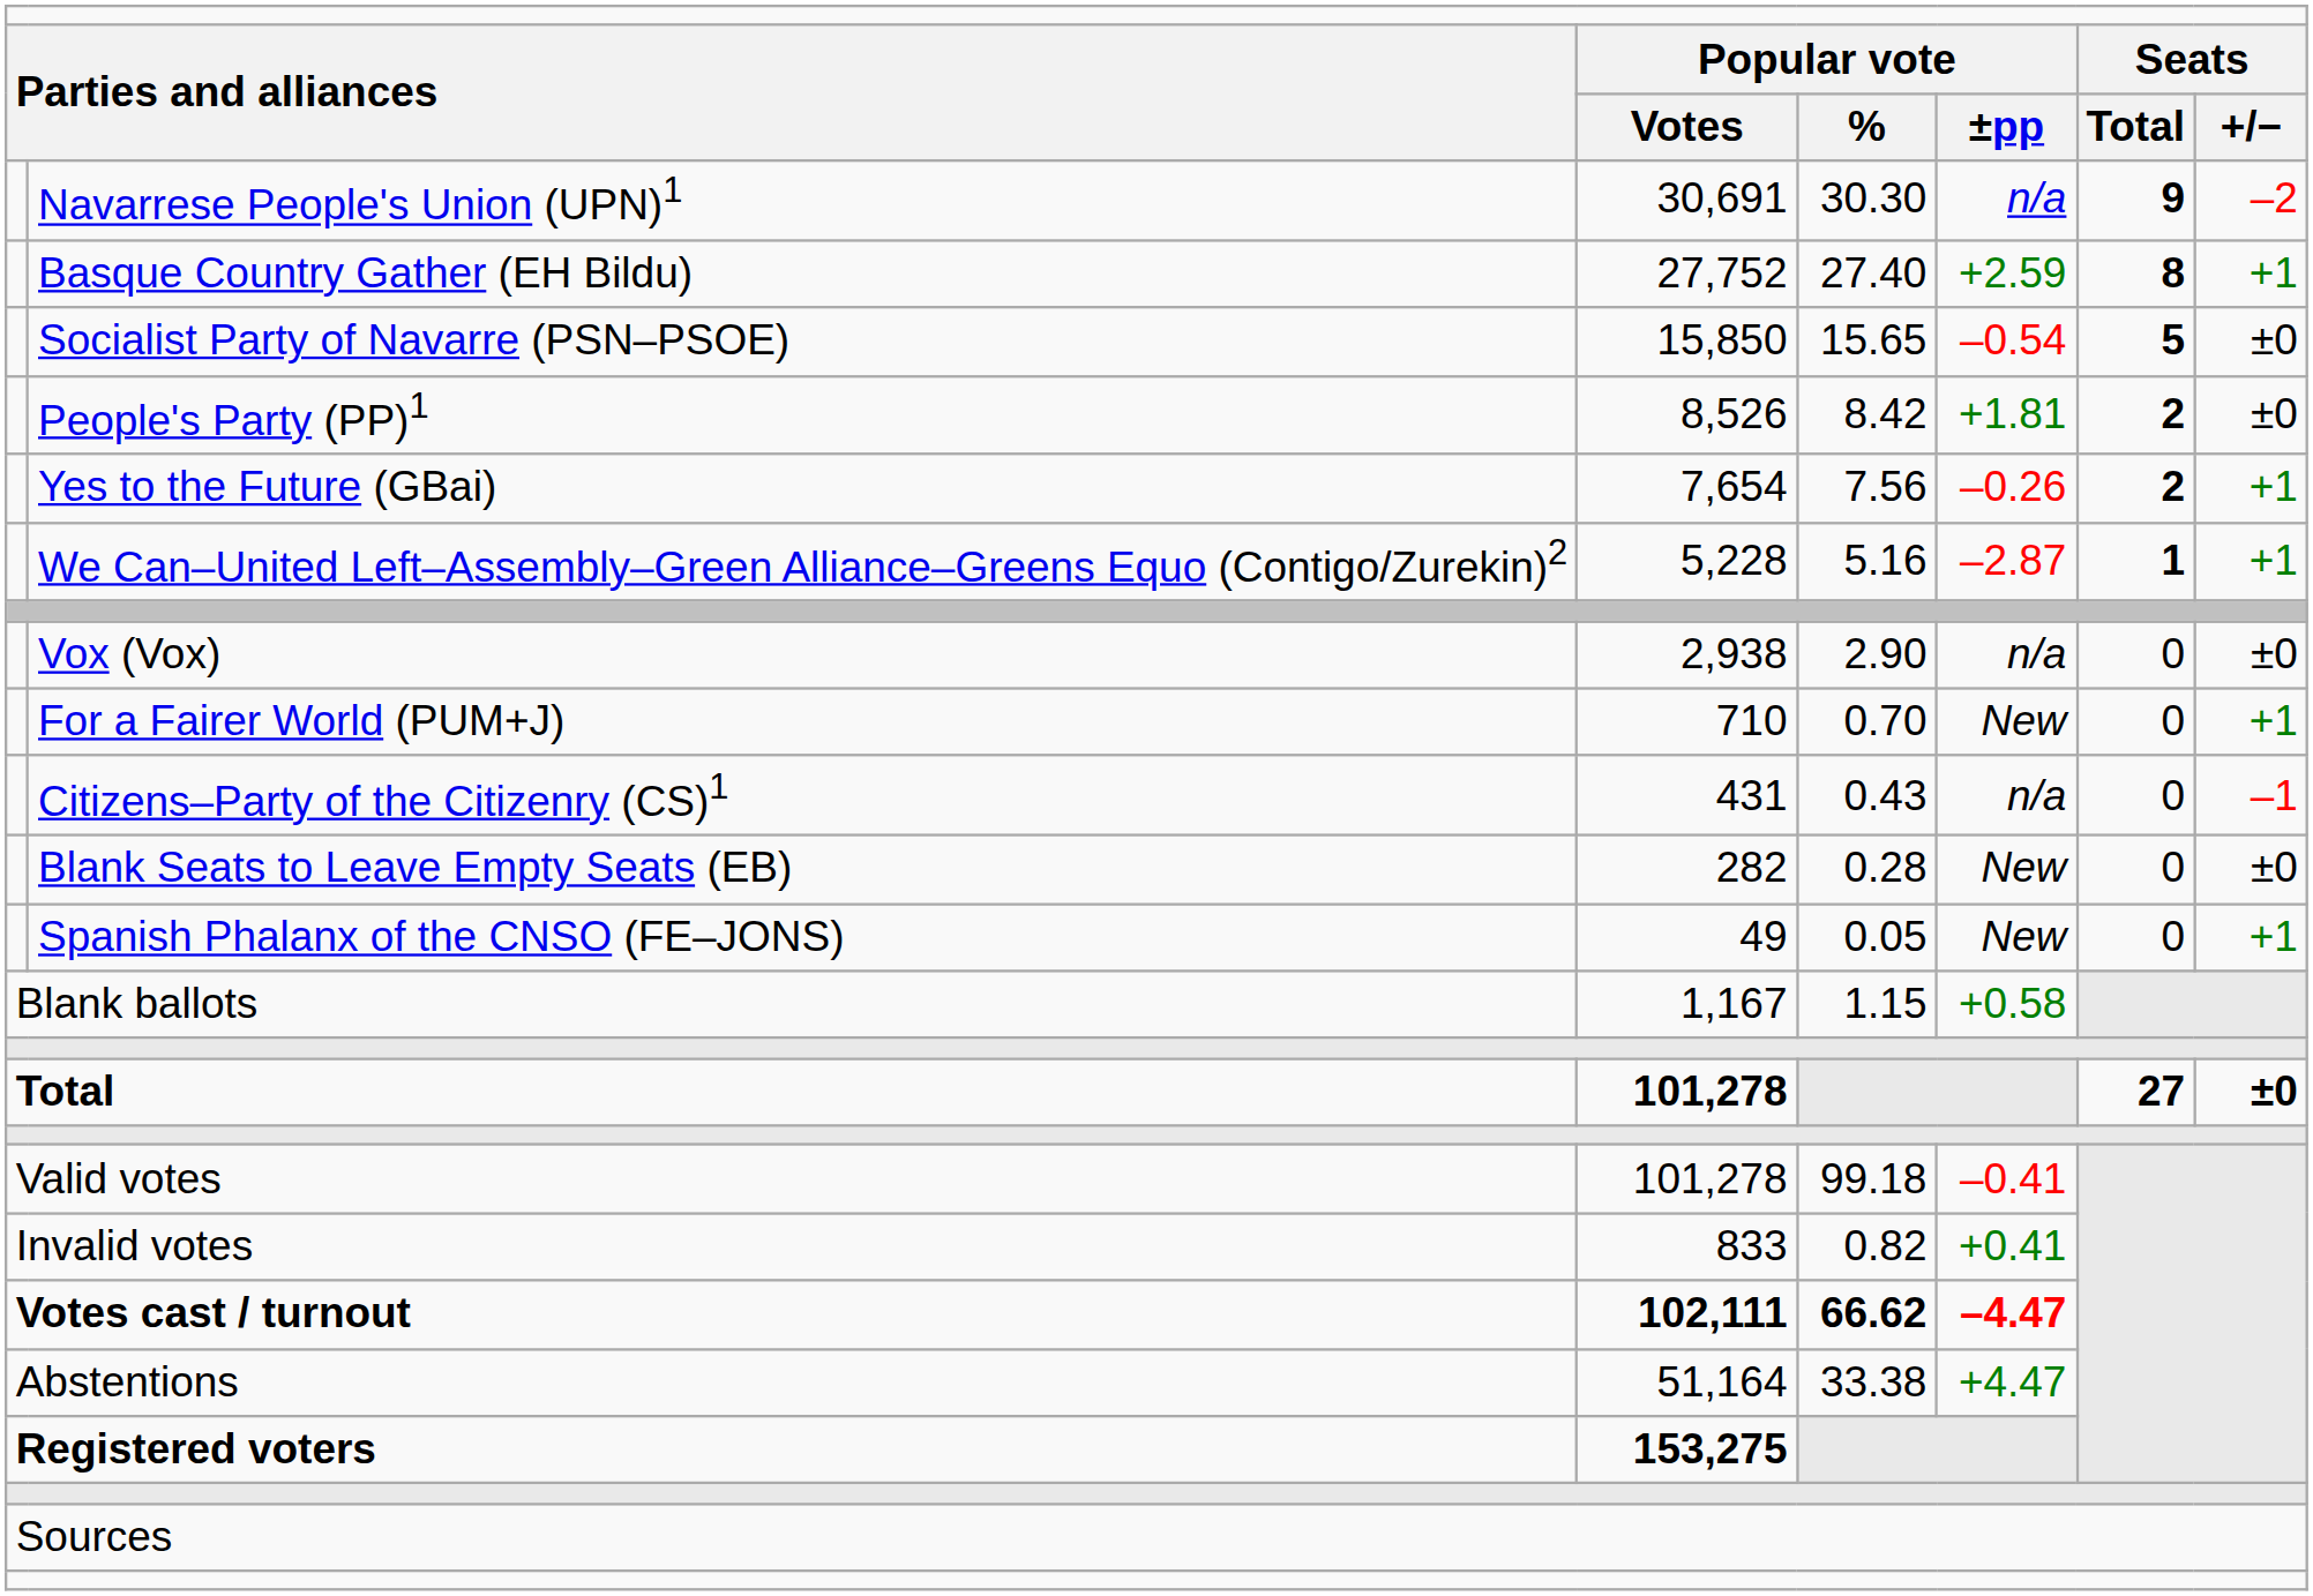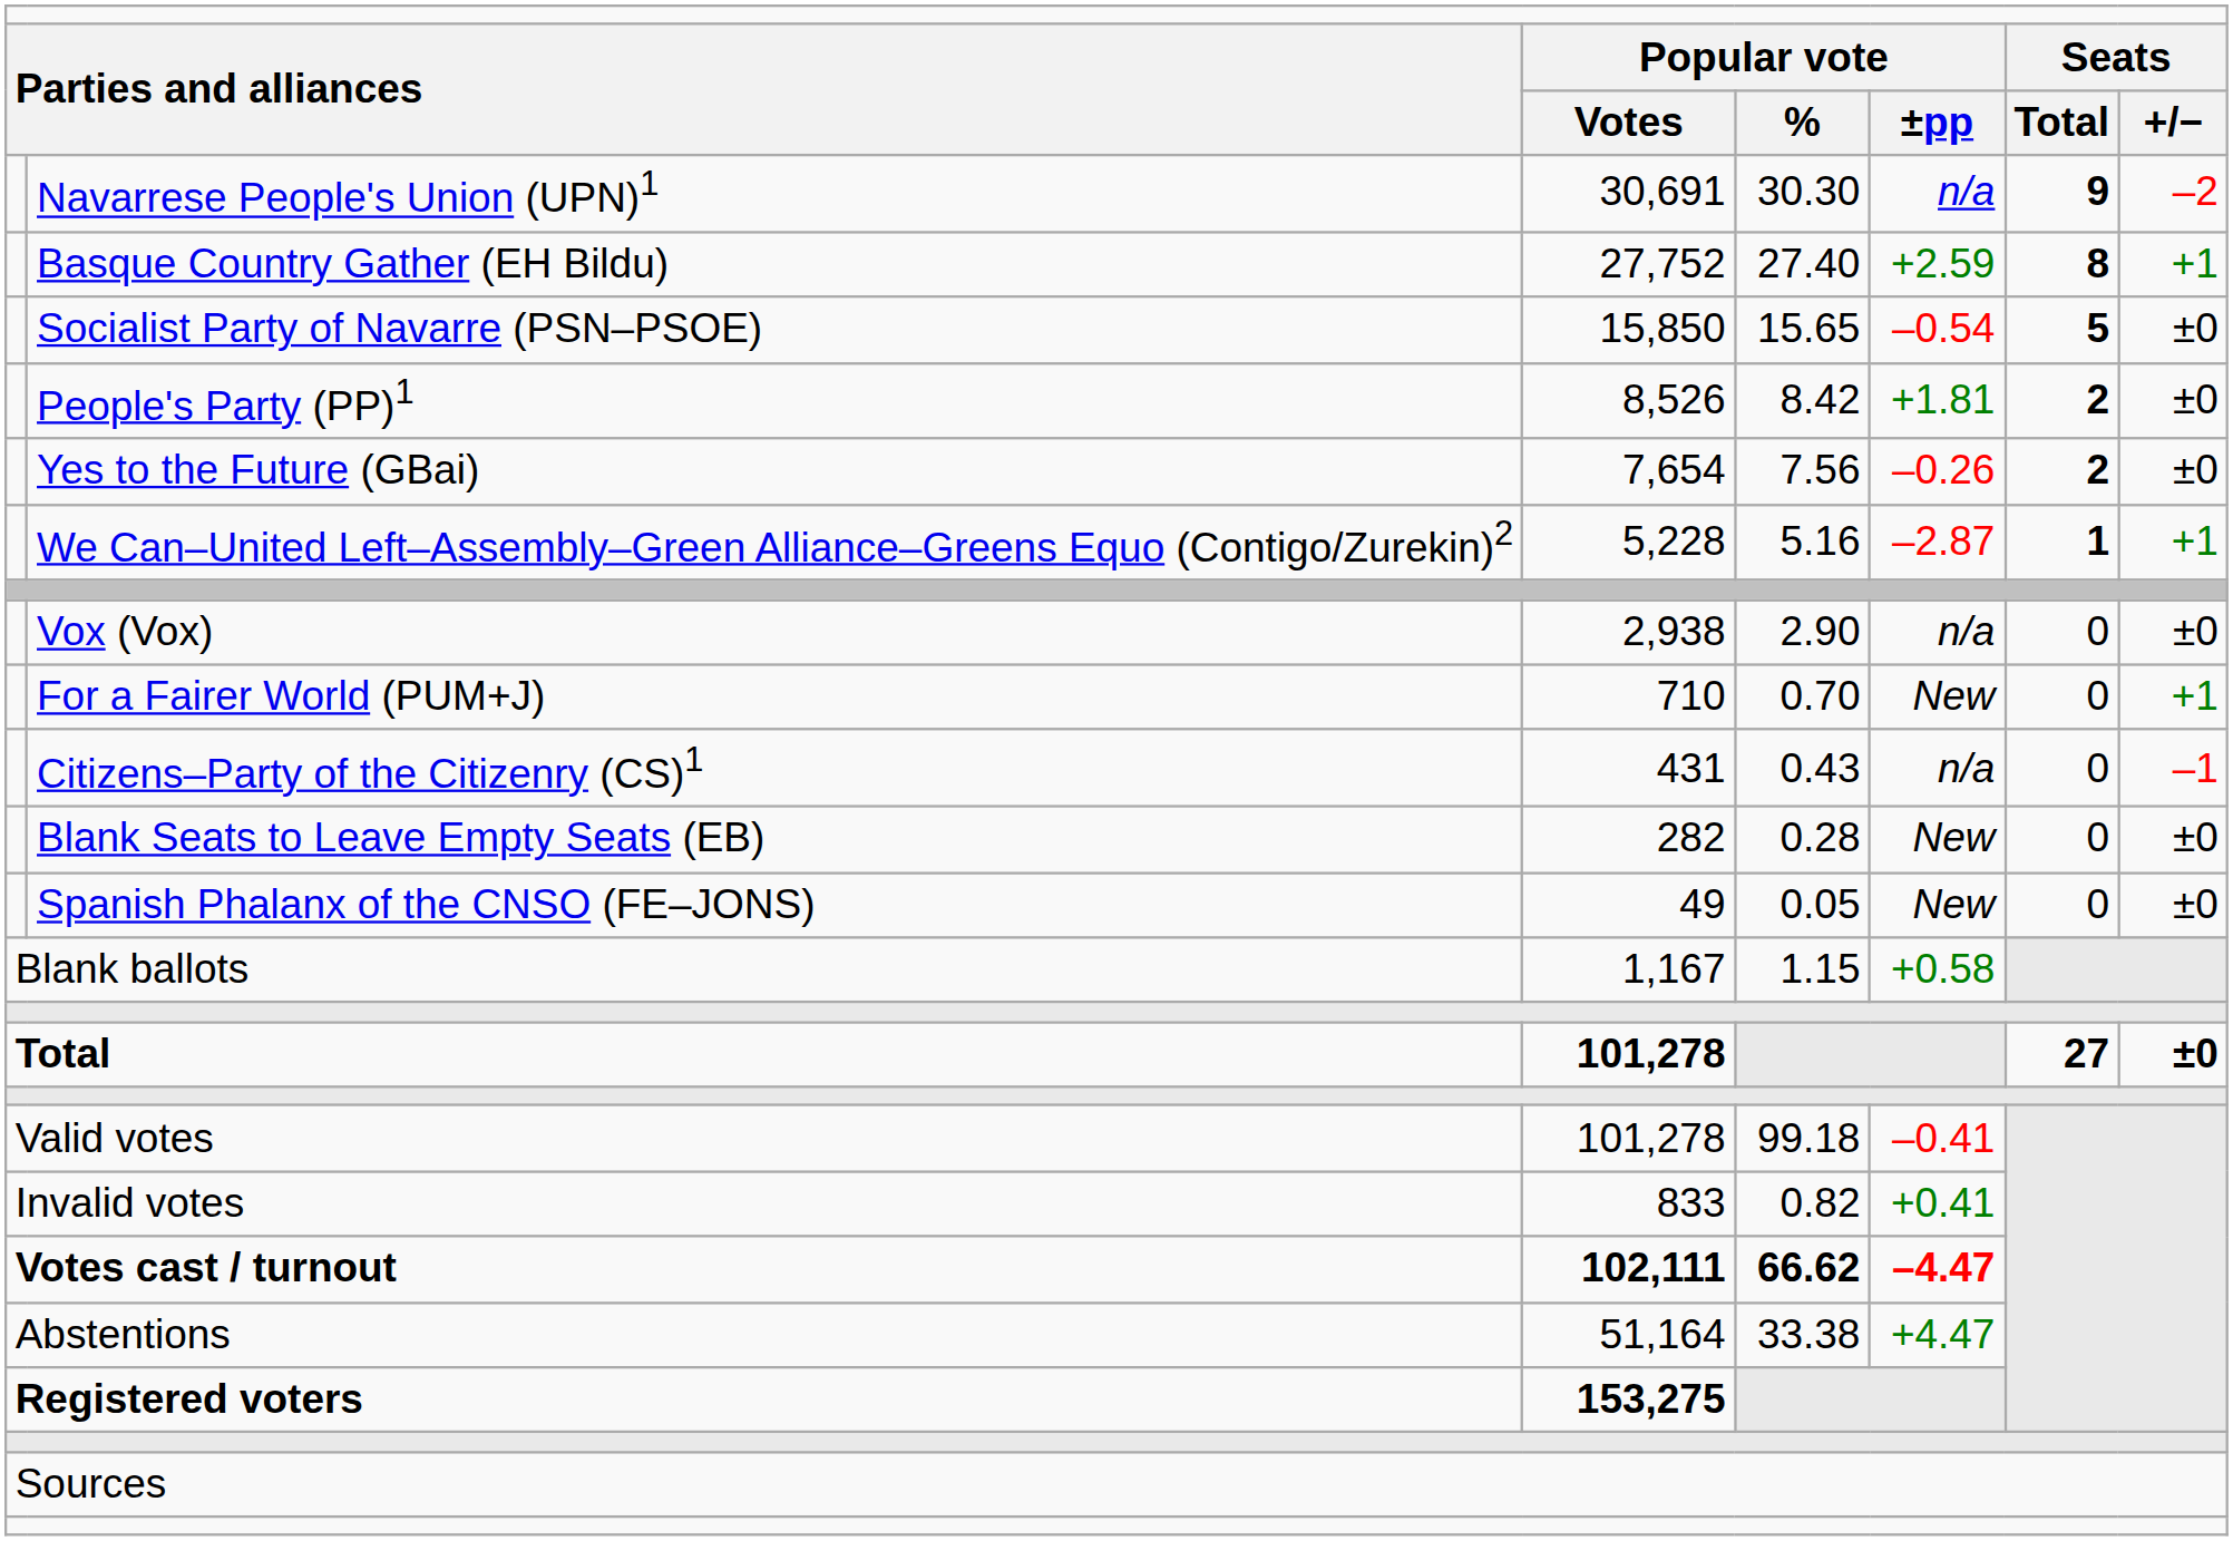 <table class="wikitable" style="text-align:right;">
 <tr>
 <td colspan="7"></td>
 </tr>
 <tr>
 <th style="text-align:left;" rowspan="2" colspan="2" width="525">Parties and alliances</th>
 <th colspan="3">Popular vote</th>
 <th colspan="2">Seats</th>
 </tr>
 <tr>
 <th width="75">Votes</th>
 <th width="45">%</th>
 <th width="45">±<a href='#'>pp</a></th>
 <th width="35">Total</th>
 <th width="35">+/−</th>
 </tr>
 <tr>
 <td width="1" style="color:inherit;background:"></td>
 <td align="left"><a href='#'>Navarrese People's Union</a> (UPN)<sup>1</sup></td>
 <td>30,691</td>
 <td>30.30</td>
 <td><em><a href='#'>n/a</a></em></td>
 <td><strong>9</strong></td>
 <td style="color:red;">–2</td>
 </tr>
 <tr>
 <td style="color:inherit;background:"></td>
 <td align="left"><a href='#'>Basque Country Gather</a> (EH Bildu)</td>
 <td>27,752</td>
 <td>27.40</td>
 <td style="color:green;">+2.59</td>
 <td><strong>8</strong></td>
 <td style="color:green;">+1</td>
 </tr>
 <tr>
 <td style="color:inherit;background:"></td>
 <td align="left"><a href='#'>Socialist Party of Navarre</a> (PSN–PSOE)</td>
 <td>15,850</td>
 <td>15.65</td>
 <td style="color:red;">–0.54</td>
 <td><strong>5</strong></td>
 <td>±0</td>
 </tr>
 <tr>
 <td style="color:inherit;background:"></td>
 <td align="left"><a href='#'>People's Party</a> (PP)<sup>1</sup></td>
 <td>8,526</td>
 <td>8.42</td>
 <td style="color:green;">+1.81</td>
 <td><strong>2</strong></td>
 <td>±0</td>
 </tr>
 <tr>
 <td style="color:inherit;background:"></td>
 <td align="left"><a href='#'>Yes to the Future</a> (GBai)</td>
 <td>7,654</td>
 <td>7.56</td>
 <td style="color:red;">–0.26</td>
 <td><strong>2</strong></td>
-<td style="color:green;">+1</td>
+<td>±0</td>
 </tr>
 <tr>
 <td style="color:inherit;background:"></td>
 <td align="left"><a href='#'>We Can–United Left–Assembly–Green Alliance–Greens Equo</a> (Contigo/Zurekin)<sup>2</sup></td>
 <td>5,228</td>
 <td>5.16</td>
 <td style="color:red;">–2.87</td>
 <td><strong>1</strong></td>
 <td style="color:green;">+1</td>
 </tr>
 <tr>
 <td colspan="7" bgcolor="#C0C0C0"></td>
 </tr>
 <tr>
 <td style="color:inherit;background:"></td>
 <td align="left"><a href='#'>Vox</a> (Vox)</td>
 <td>2,938</td>
 <td>2.90</td>
 <td><em>n/a</em></td>
 <td>0</td>
 <td>±0</td>
 </tr>
 <tr>
 <td style="color:inherit;background:"></td>
 <td align="left"><a href='#'>For a Fairer World</a> (PUM+J)</td>
 <td>710</td>
 <td>0.70</td>
 <td><em>New</em></td>
 <td>0</td>
 <td style="color:green;">+1</td>
 </tr>
 <tr>
 <td style="color:inherit;background:"></td>
 <td align="left"><a href='#'>Citizens–Party of the Citizenry</a> (CS)<sup>1</sup></td>
 <td>431</td>
 <td>0.43</td>
 <td><em>n/a</em></td>
 <td>0</td>
 <td style="color:red;">–1</td>
 </tr>
 <tr>
 <td style="color:inherit;background:"></td>
 <td align="left"><a href='#'>Blank Seats to Leave Empty Seats</a> (EB)</td>
 <td>282</td>
 <td>0.28</td>
 <td><em>New</em></td>
 <td>0</td>
 <td>±0</td>
 </tr>
 <tr>
 <td style="color:inherit;background:"></td>
 <td align="left"><a href='#'>Spanish Phalanx of the CNSO</a> (FE–JONS)</td>
 <td>49</td>
 <td>0.05</td>
 <td><em>New</em></td>
 <td>0</td>
-<td style="color:green;">+1</td>
+<td>±0</td>
 </tr>
 <tr>
 <td align="left" colspan="2">Blank ballots</td>
 <td>1,167</td>
 <td>1.15</td>
 <td style="color:green;">+0.58</td>
 <td bgcolor="#E9E9E9" colspan="2"></td>
 </tr>
 <tr>
 <td colspan="7" bgcolor="#E9E9E9"></td>
 </tr>
 <tr style="font-weight:bold;">
 <td align="left" colspan="2">Total</td>
 <td>101,278</td>
 <td bgcolor="#E9E9E9" colspan="2"></td>
 <td>27</td>
 <td>±0</td>
 </tr>
 <tr>
 <td colspan="7" bgcolor="#E9E9E9"></td>
 </tr>
 <tr>
 <td align="left" colspan="2">Valid votes</td>
 <td>101,278</td>
 <td>99.18</td>
 <td style="color:red;">–0.41</td>
 <td bgcolor="#E9E9E9" colspan="2" rowspan="5"></td>
 </tr>
 <tr>
 <td align="left" colspan="2">Invalid votes</td>
 <td>833</td>
 <td>0.82</td>
 <td style="color:green;">+0.41</td>
 </tr>
 <tr style="font-weight:bold;">
 <td align="left" colspan="2">Votes cast / turnout</td>
 <td>102,111</td>
 <td>66.62</td>
 <td style="color:red;">–4.47</td>
 </tr>
 <tr>
 <td align="left" colspan="2">Abstentions</td>
 <td>51,164</td>
 <td>33.38</td>
 <td style="color:green;">+4.47</td>
 </tr>
 <tr style="font-weight:bold;">
 <td align="left" colspan="2">Registered voters</td>
 <td>153,275</td>
 <td bgcolor="#E9E9E9" colspan="2"></td>
 </tr>
 <tr>
 <td colspan="7" bgcolor="#E9E9E9"></td>
 </tr>
 <tr>
 <td align="left" colspan="7">Sources</td>
 </tr>
 <tr>
 <td colspan="7" style="text-align:left; max-width:790px;"></td>
 </tr>
 </table>
